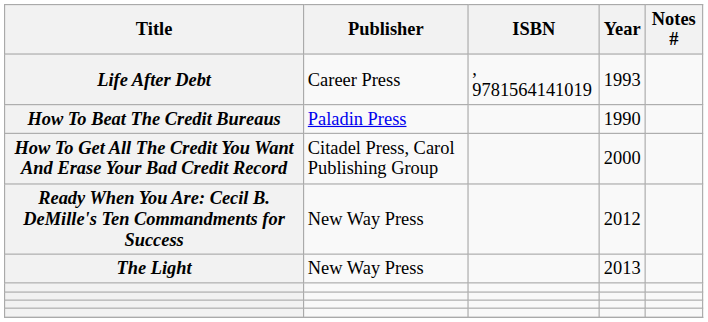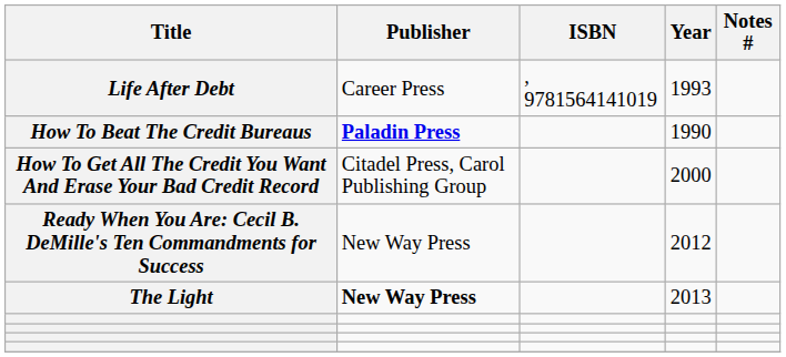 <table class="wikitable plainrowheaders sortable">
 <tr>
 <th scope="col">Title</th>
 <th scope="col">Publisher</th>
 <th scope="col">ISBN</th>
 <th scope="col">Year</th>
 <th scope="col" class="unsortable">Notes #</th>
 </tr>
 <tr>
 <th scope="row"><em>Life After Debt</em></th>
 <td>Career Press</td>
 <td>, 9781564141019</td>
 <td>1993</td>
 <td></td>
 </tr>
 <tr>
 <th scope="row"><em>How To Beat The Credit Bureaus</em></th>
-<td><a href='#'>Paladin Press</a></td>
+<td><strong><a href='#'>Paladin Press</a></strong></td>
 <td></td>
 <td>1990</td>
 <td></td>
 </tr>
 <tr>
 <th scope="row"><em>How To Get All The Credit You Want And Erase Your Bad Credit Record</em></th>
 <td>Citadel Press, Carol Publishing Group</td>
 <td></td>
 <td>2000</td>
 <td></td>
 </tr>
 <tr>
 <th scope="row"><em>Ready When You Are: Cecil B. DeMille's Ten Commandments for Success</em></th>
 <td>New Way Press</td>
 <td></td>
 <td>2012</td>
 <td></td>
 </tr>
 <tr>
 <th scope="row"><em>The Light</em></th>
-<td>New Way Press</td>
+<td><strong>New Way Press</strong></td>
 <td></td>
 <td>2013</td>
 <td></td>
 </tr>
 <tr>
 <th scope="row"></th>
 <td></td>
 <td></td>
 <td></td>
 <td></td>
 </tr>
 <tr>
 <th scope="row"></th>
 <td></td>
 <td></td>
 <td></td>
 <td></td>
 </tr>
 <tr>
 <th scope="row"></th>
 <td></td>
 <td></td>
 <td></td>
 <td></td>
 </tr>
 <tr>
 <th scope="row"></th>
 <td></td>
 <td></td>
 <td></td>
 <td></td>
 </tr>
 <tr>
 </tr>
 </table>
